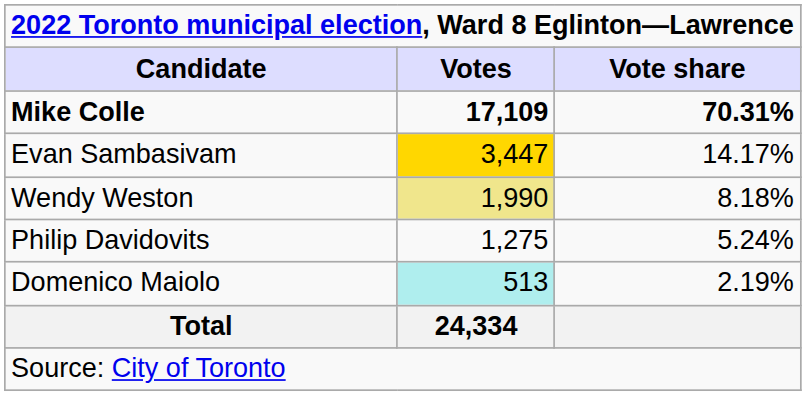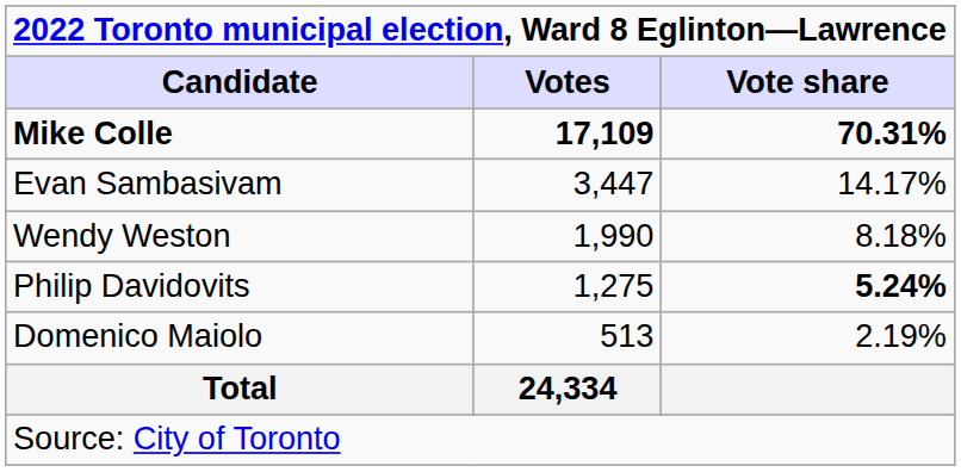 <table class="wikitable plainrowheaders">
 <tr>
 <td colspan="3"><strong><a href='#'>2022 Toronto municipal election</a>, Ward 8 Eglinton—Lawrence</strong></td>
 </tr>
 <tr>
 <th scope="col" style="background:#ddf;">Candidate</th>
 <th scope="col" style="background:#ddf;">Votes</th>
 <th scope="col" style="background:#ddf;">Vote share</th>
 </tr>
 <tr>
 <td scope="row"><strong>Mike Colle</strong></td>
 <td align="right"><strong>17,109</strong></td>
 <td align="right"><strong>70.31%</strong></td>
 </tr>
 <tr>
 <td scope="row">Evan Sambasivam</td>
-<td align="right" style="background: gold;">3,447</td>
+<td align="right">3,447</td>
 <td align="right">14.17%</td>
 </tr>
 <tr>
 <td scope="row">Wendy Weston</td>
-<td align="right" style="background: khaki;">1,990</td>
+<td align="right">1,990</td>
 <td align="right">8.18%</td>
 </tr>
 <tr>
 <td scope="row">Philip Davidovits</td>
 <td align="right">1,275</td>
-<td align="right">5.24%</td>
+<td align="right"><strong>5.24%</strong></td>
 </tr>
 <tr>
 <td scope="row">Domenico Maiolo</td>
-<td align="right" style="background: paleturquoise;">513</td>
+<td align="right">513</td>
 <td align="right">2.19%</td>
 </tr>
 <tr>
 <th scope="row"><strong>Total</strong></th>
 <th align="right">24,334</th>
 <th align="right"></th>
 </tr>
 <tr>
 <td colspan="3">Source: <a href='#'>City of Toronto</a></td>
 </tr>
 </table>
